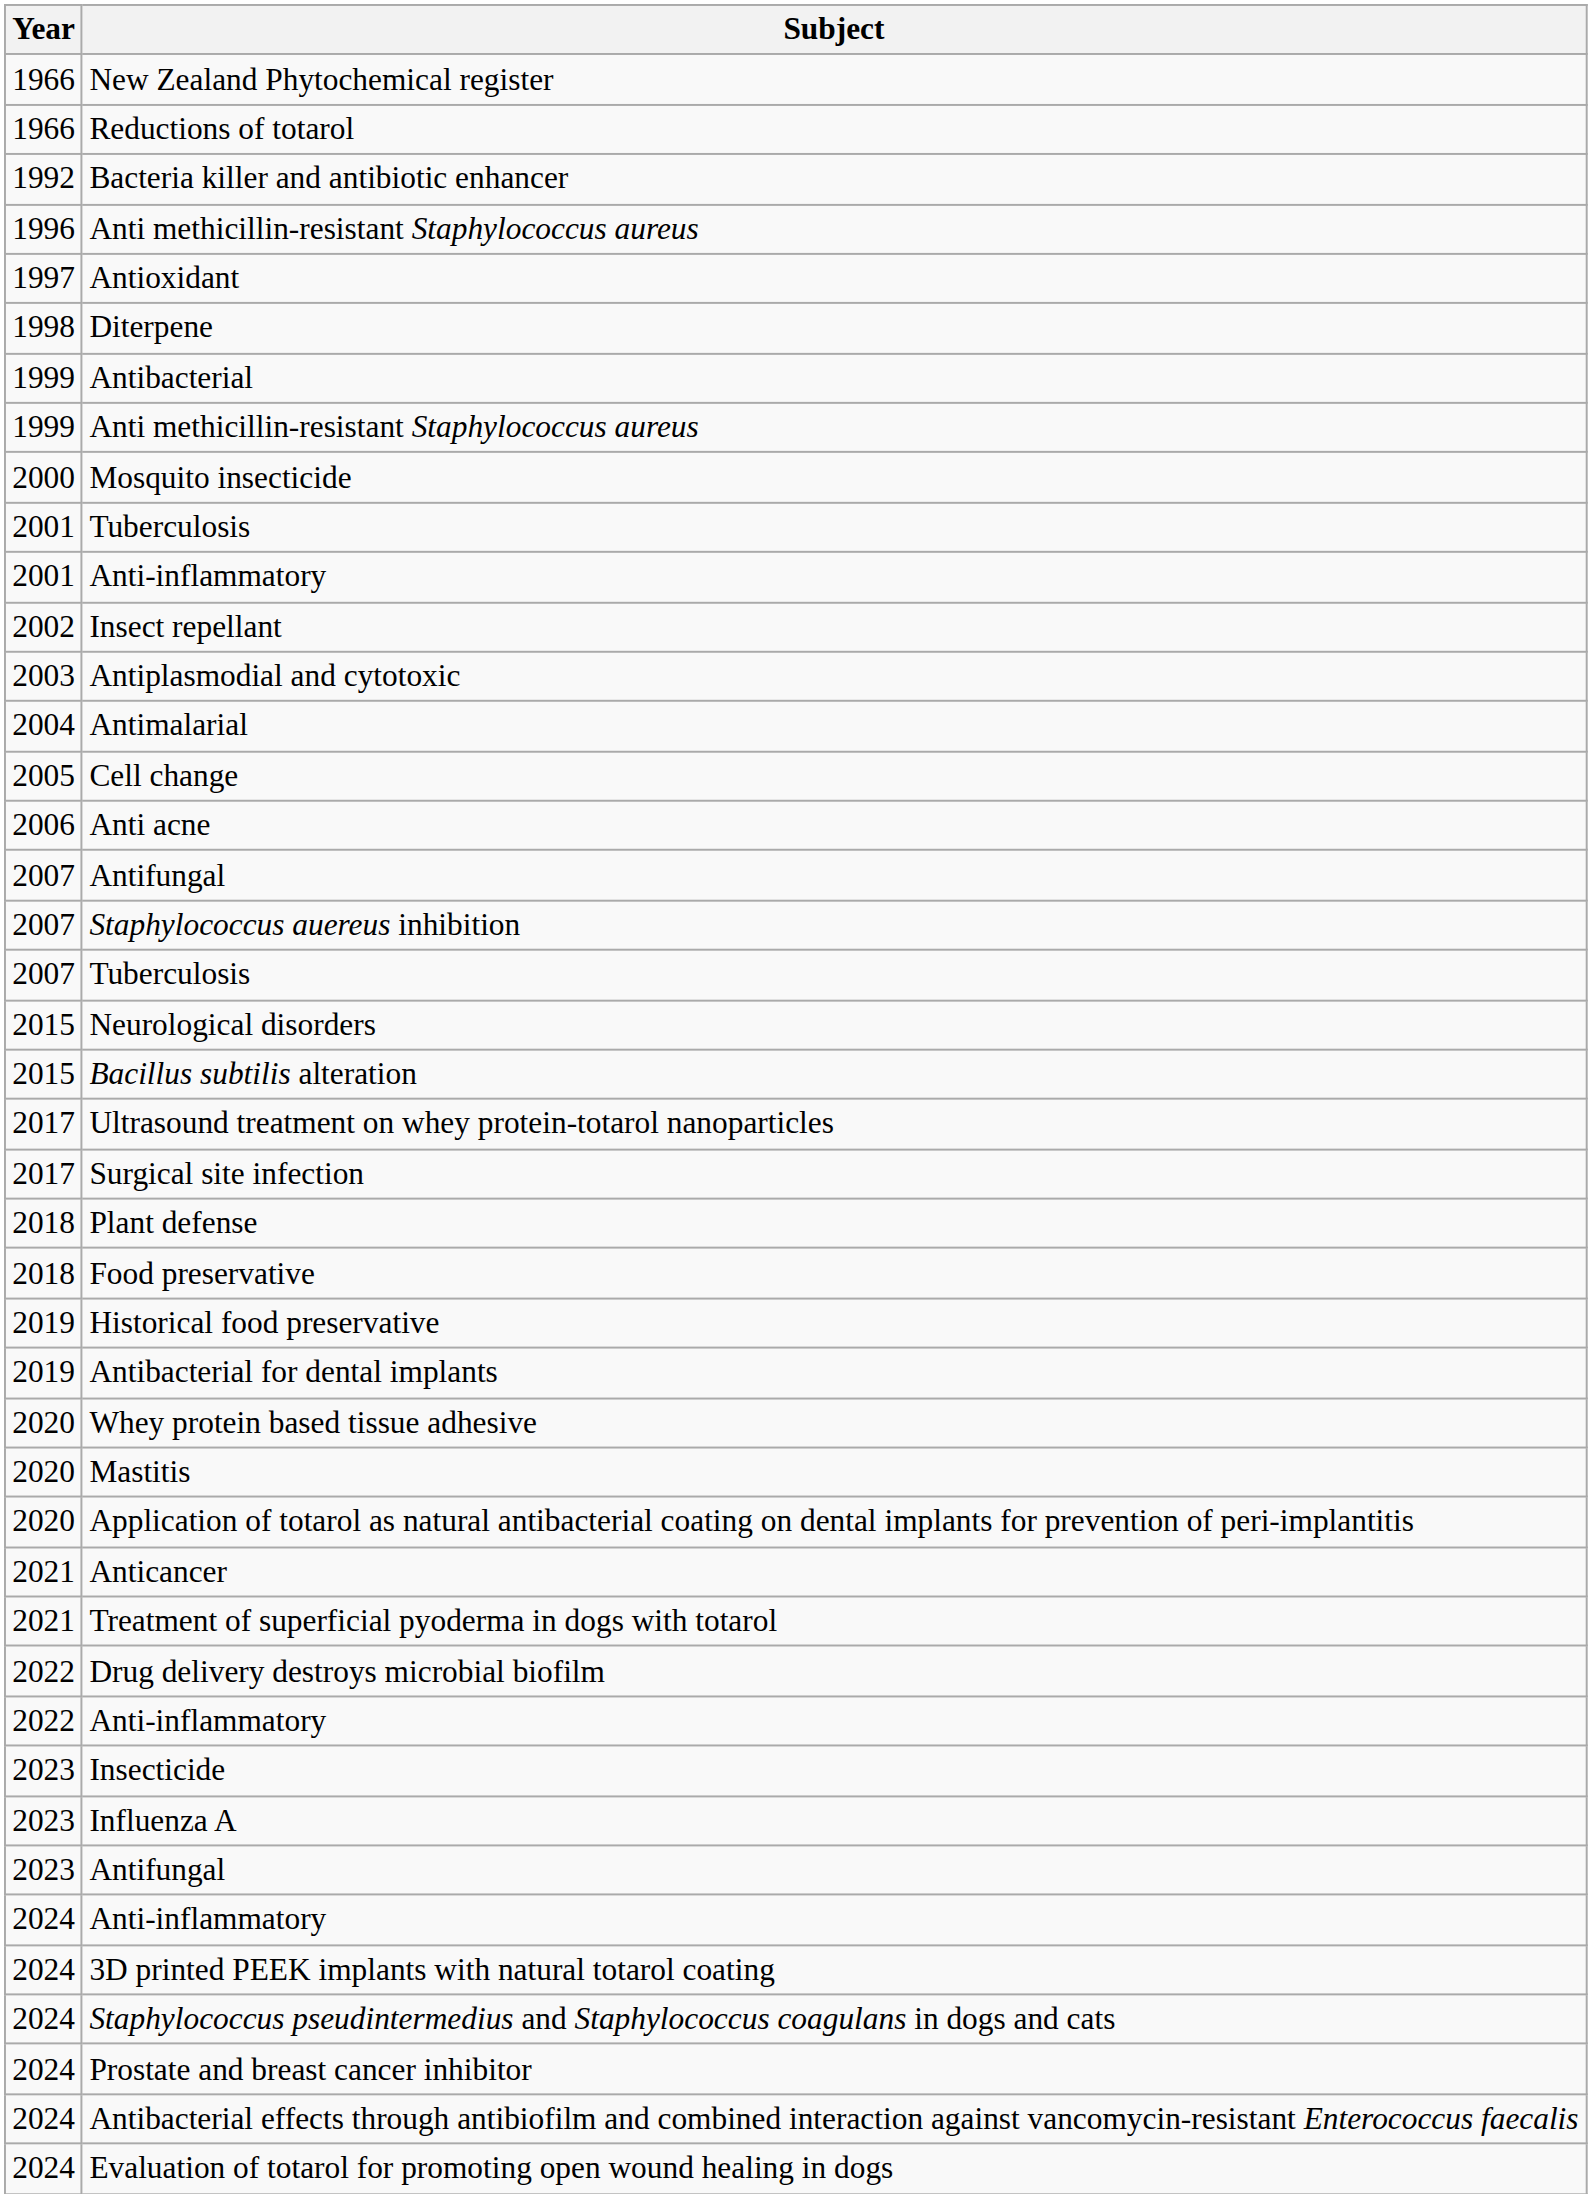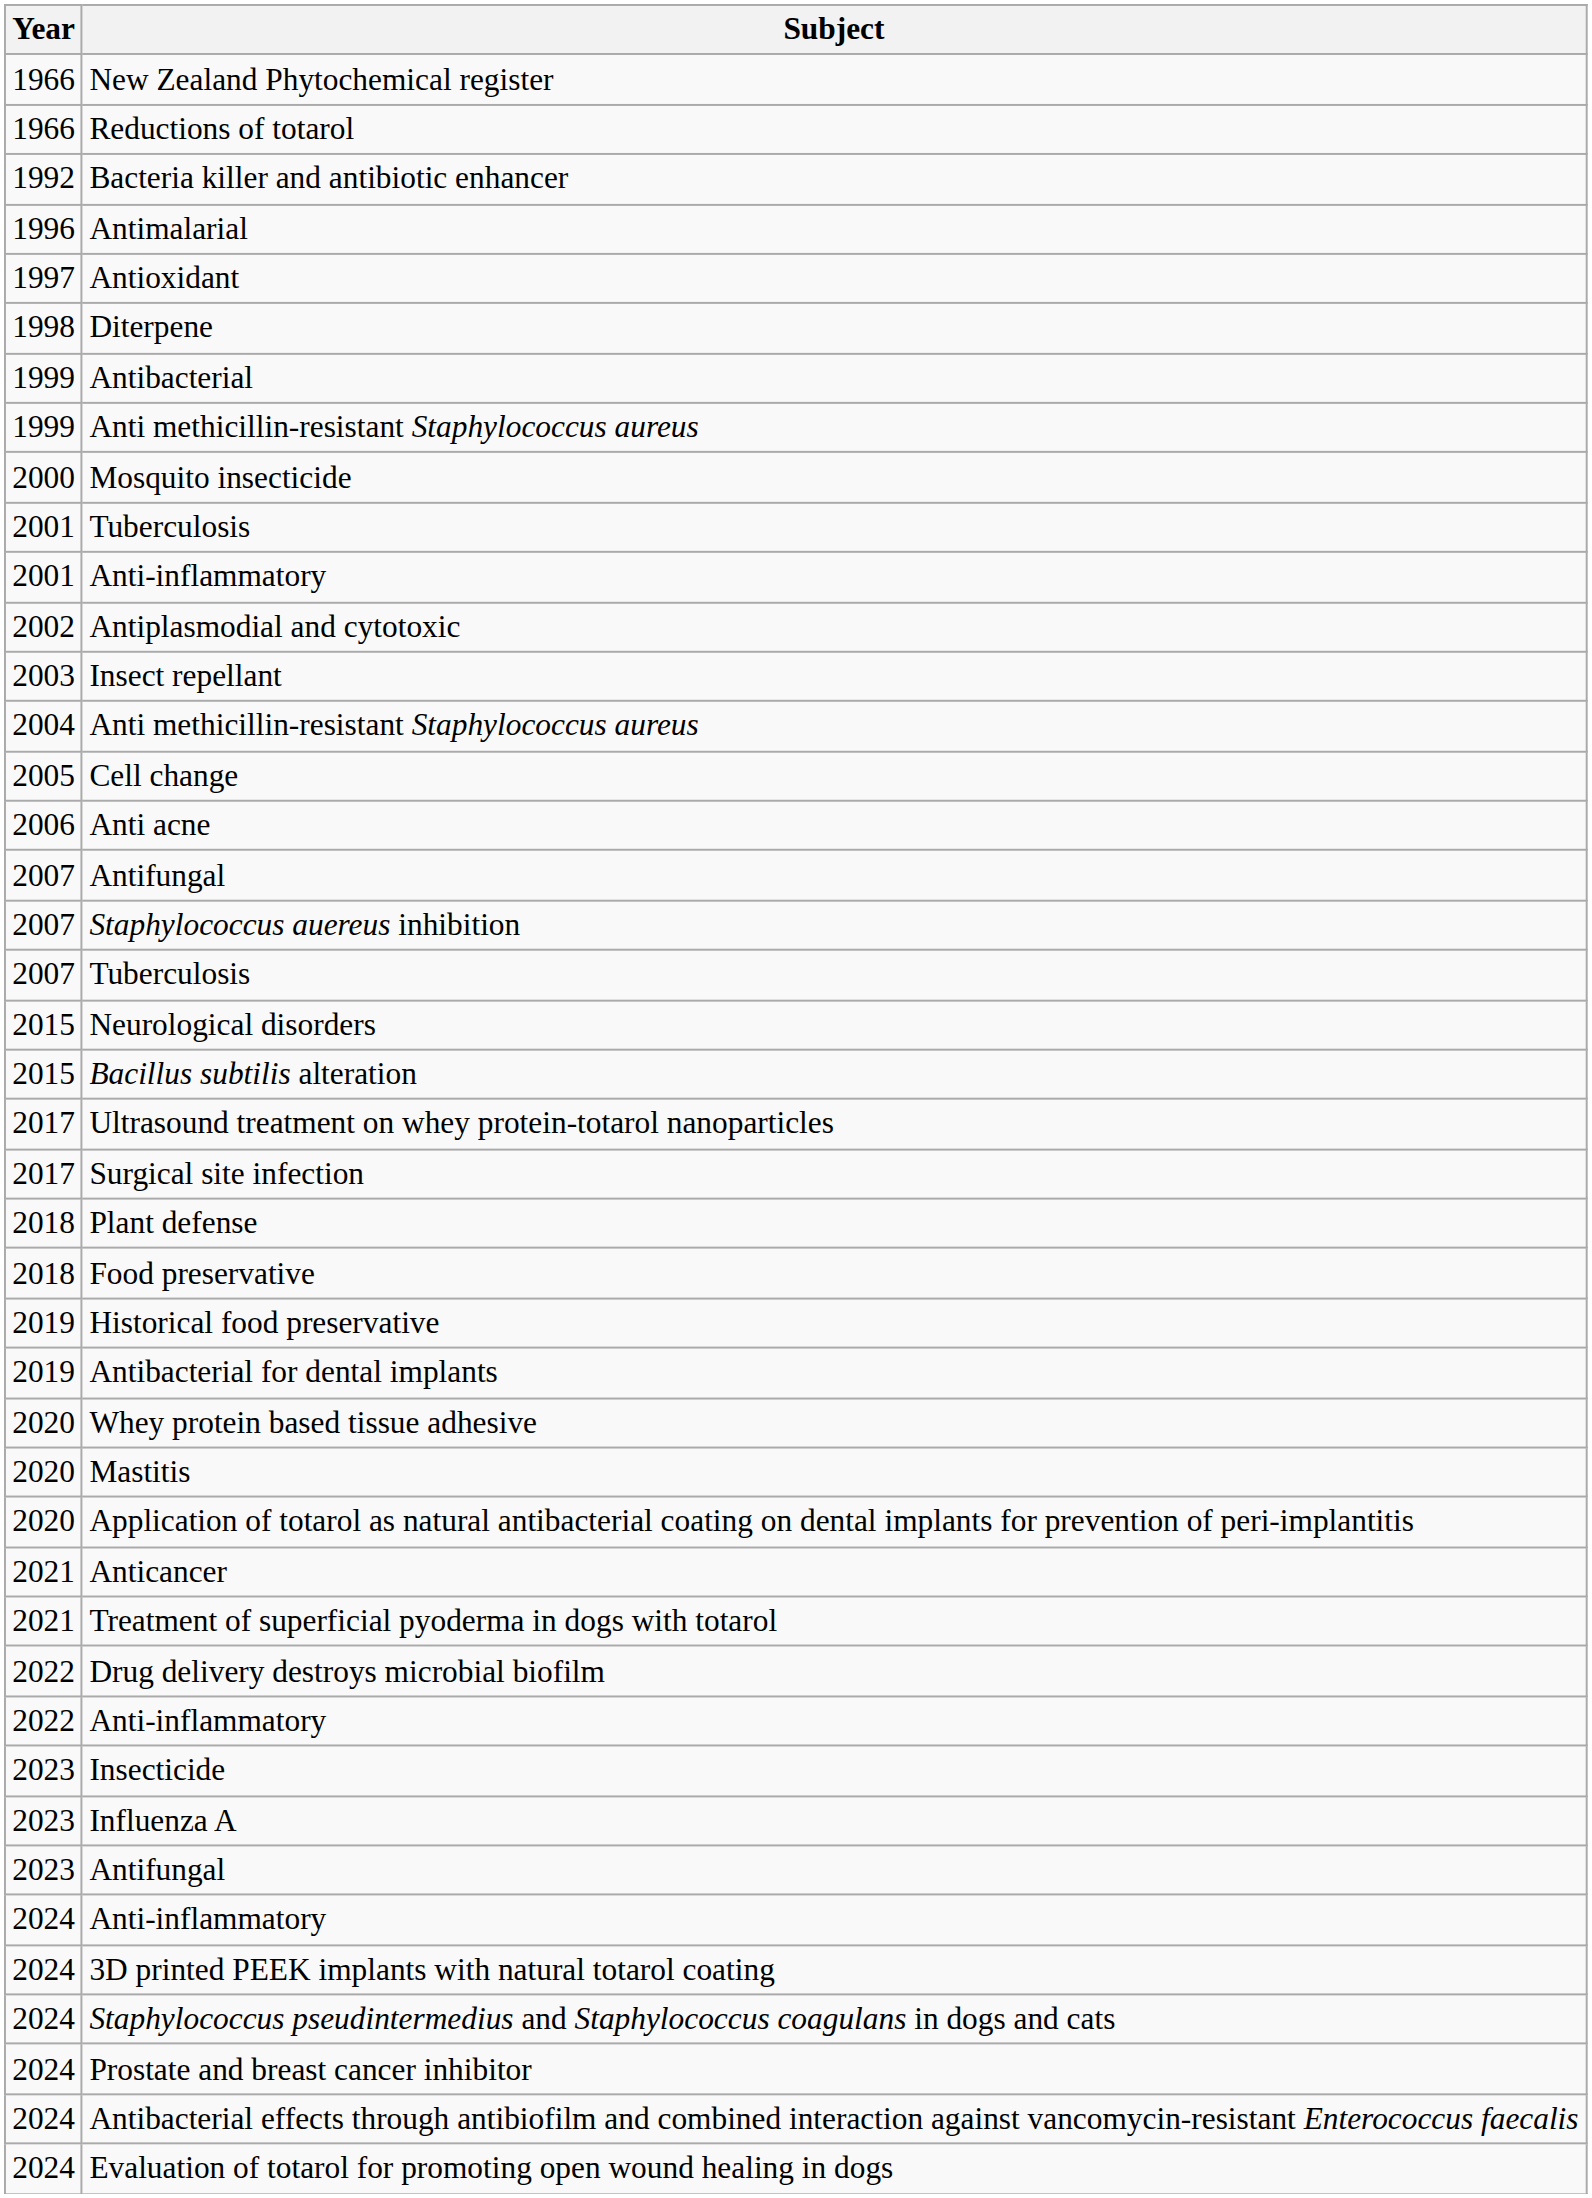 <table class="wikitable">
 <tr>
 <th>Year</th>
 <th>Subject</th>
 </tr>
 <tr>
 <td>1966</td>
 <td>New Zealand Phytochemical register</td>
 </tr>
 <tr>
 <td>1966</td>
 <td>Reductions of totarol</td>
 </tr>
 <tr>
 <td>1992</td>
 <td>Bacteria killer and antibiotic enhancer</td>
 </tr>
 <tr>
 <td>1996</td>
-<td>Anti methicillin-resistant <em>Staphylococcus aureus</em></td>
+<td>Antimalarial</td>
 </tr>
 <tr>
 <td>1997</td>
 <td>Antioxidant</td>
 </tr>
 <tr>
 <td>1998</td>
 <td>Diterpene</td>
 </tr>
 <tr>
 <td>1999</td>
 <td>Antibacterial</td>
 </tr>
 <tr>
 <td>1999</td>
 <td>Anti methicillin-resistant <em>Staphylococcus aureus</em></td>
 </tr>
 <tr>
 <td>2000</td>
 <td>Mosquito insecticide</td>
 </tr>
 <tr>
 <td>2001</td>
 <td>Tuberculosis</td>
 </tr>
 <tr>
 <td>2001</td>
 <td>Anti-inflammatory</td>
 </tr>
 <tr>
 <td>2002</td>
+<td>Antiplasmodial and cytotoxic</td>
+</tr>
+<tr>
+<td>2003</td>
 <td>Insect repellant</td>
 </tr>
 <tr>
-<td>2003</td>
-<td>Antiplasmodial and cytotoxic</td>
-</tr>
-<tr>
 <td>2004</td>
-<td>Antimalarial</td>
+<td>Anti methicillin-resistant <em>Staphylococcus aureus</em></td>
 </tr>
 <tr>
 <td>2005</td>
 <td>Cell change</td>
 </tr>
 <tr>
 <td>2006</td>
 <td>Anti acne</td>
 </tr>
 <tr>
 <td>2007</td>
 <td>Antifungal</td>
 </tr>
 <tr>
 <td>2007</td>
 <td><em>Staphylococcus auereus</em> inhibition</td>
 </tr>
 <tr>
 <td>2007</td>
 <td>Tuberculosis</td>
 </tr>
 <tr>
 <td>2015</td>
 <td>Neurological disorders</td>
 </tr>
 <tr>
 <td>2015</td>
 <td><em>Bacillus subtilis</em> alteration</td>
 </tr>
 <tr>
 <td>2017</td>
 <td>Ultrasound treatment on whey protein-totarol nanoparticles</td>
 </tr>
 <tr>
 <td>2017</td>
 <td>Surgical site infection</td>
 </tr>
 <tr>
 <td>2018</td>
 <td>Plant defense</td>
 </tr>
 <tr>
 <td>2018</td>
 <td>Food preservative</td>
 </tr>
 <tr>
 <td>2019</td>
 <td>Historical food preservative</td>
 </tr>
 <tr>
 <td>2019</td>
 <td>Antibacterial for dental implants</td>
 </tr>
 <tr>
 <td>2020</td>
 <td>Whey protein based tissue adhesive</td>
 </tr>
 <tr>
 <td>2020</td>
 <td>Mastitis</td>
 </tr>
 <tr>
 <td>2020</td>
 <td>Application of totarol as natural antibacterial coating on dental implants for prevention of peri-implantitis</td>
 </tr>
 <tr>
 <td>2021</td>
 <td>Anticancer</td>
 </tr>
 <tr>
 <td>2021</td>
 <td>Treatment of superficial pyoderma in dogs with totarol</td>
 </tr>
 <tr>
 <td>2022</td>
 <td>Drug delivery destroys microbial biofilm</td>
 </tr>
 <tr>
 <td>2022</td>
 <td>Anti-inflammatory</td>
 </tr>
 <tr>
 <td>2023</td>
 <td>Insecticide</td>
 </tr>
 <tr>
 <td>2023</td>
 <td>Influenza A</td>
 </tr>
 <tr>
 <td>2023</td>
 <td>Antifungal</td>
 </tr>
 <tr>
 <td>2024</td>
 <td>Anti-inflammatory</td>
 </tr>
 <tr>
 <td>2024</td>
 <td>3D printed PEEK implants with natural totarol coating</td>
 </tr>
 <tr>
 <td>2024</td>
 <td><em>Staphylococcus pseudintermedius</em> and <em>Staphylococcus coagulans</em> in dogs and cats</td>
 </tr>
 <tr>
 <td>2024</td>
 <td>Prostate and breast cancer inhibitor</td>
 </tr>
 <tr>
 <td>2024</td>
 <td>Antibacterial effects through antibiofilm and combined interaction against vancomycin-resistant <em>Enterococcus faecalis</em></td>
 </tr>
 <tr>
 <td>2024</td>
 <td>Evaluation of totarol for promoting open wound healing in dogs</td>
 </tr>
 </table>
